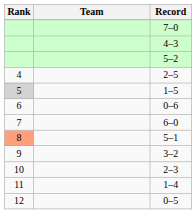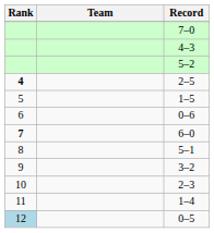 <table class="wikitable" style="text-align: center;">
 <tr>
 <th width=40>Rank</th>
 <th width=180>Team</th>
 <th width=60>Record</th>
 </tr>
 <tr>
 </tr>
 <tr bgcolor="#ccffcc">
 <td></td>
 <td align="left"></td>
 <td>7–0</td>
 </tr>
 <tr bgcolor="#ccffcc">
 <td></td>
 <td align="left"></td>
 <td>4–3</td>
 </tr>
 <tr bgcolor="#ccffcc">
 <td></td>
 <td align="left"></td>
 <td>5–2</td>
 </tr>
 <tr>
-<td>4</td>
+<td><strong>4</strong></td>
 <td align="left"></td>
 <td>2–5</td>
 </tr>
 <tr>
-<td style="background: lightgrey;">5</td>
+<td>5</td>
 <td align="left"></td>
 <td>1–5</td>
 </tr>
 <tr>
 <td>6</td>
 <td align="left"></td>
 <td>0–6</td>
 </tr>
 <tr>
-<td>7</td>
+<td><strong>7</strong></td>
 <td align="left"></td>
 <td>6–0</td>
 </tr>
 <tr>
-<td style="background: lightsalmon;">8</td>
+<td>8</td>
 <td align="left"></td>
 <td>5–1</td>
 </tr>
 <tr>
 <td>9</td>
 <td align="left"></td>
 <td>3–2</td>
 </tr>
 <tr>
 <td>10</td>
 <td align="left"></td>
 <td>2–3</td>
 </tr>
 <tr>
 <td>11</td>
 <td align="left"></td>
 <td>1–4</td>
 </tr>
 <tr>
-<td>12</td>
+<td style="background: lightblue;">12</td>
 <td align="left"></td>
 <td>0–5</td>
 </tr>
 </table>
